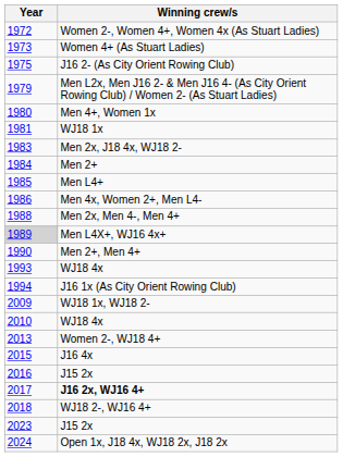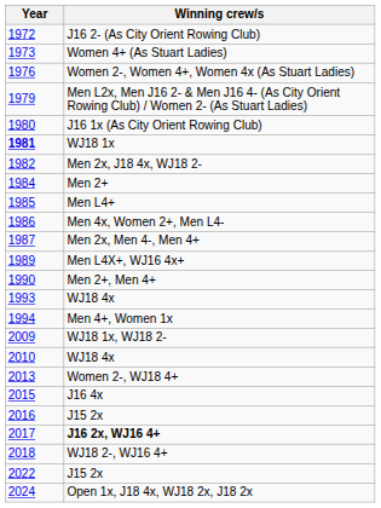 <table class="wikitable">
 <tr>
 <th width=70>Year</th>
 <th width=400>Winning crew/s</th>
 </tr>
 <tr>
 <td><a href='#'>1972</a></td>
-<td>Women 2-, Women 4+, Women 4x (As Stuart Ladies)</td>
+<td>J16 2-  (As City Orient Rowing Club)</td>
 </tr>
 <tr>
 <td><a href='#'>1973</a></td>
 <td>Women 4+  (As Stuart Ladies)</td>
 </tr>
 <tr>
-<td><a href='#'>1975</a></td>
-<td>J16 2-  (As City Orient Rowing Club)</td>
+<td><a href='#'>1976</a></td>
+<td>Women 2-, Women 4+, Women 4x (As Stuart Ladies)</td>
 </tr>
 <tr>
 <td><a href='#'>1979</a></td>
 <td>Men L2x, Men J16 2- & Men J16 4- (As City Orient Rowing Club) / Women 2- (As Stuart Ladies)</td>
 </tr>
 <tr>
 <td><a href='#'>1980</a></td>
-<td>Men 4+, Women 1x</td>
+<td>J16 1x (As City Orient Rowing Club)</td>
 </tr>
 <tr>
-<td><a href='#'>1981</a></td>
+<td><strong><a href='#'>1981</a></strong></td>
 <td>WJ18 1x </td>
 </tr>
 <tr>
-<td><a href='#'>1983</a></td>
+<td><a href='#'>1982</a></td>
 <td>Men 2x, J18 4x, WJ18 2-</td>
 </tr>
 <tr>
 <td><a href='#'>1984</a></td>
 <td>Men 2+</td>
 </tr>
 <tr>
 <td><a href='#'>1985</a></td>
 <td>Men L4+</td>
 </tr>
 <tr>
 <td><a href='#'>1986</a></td>
 <td>Men 4x, Women 2+, Men L4-</td>
 </tr>
 <tr>
-<td><a href='#'>1988</a></td>
+<td><a href='#'>1987</a></td>
 <td>Men 2x, Men 4-, Men 4+</td>
 </tr>
 <tr>
-<td style="background: lightgrey;"><a href='#'>1989</a></td>
+<td><a href='#'>1989</a></td>
 <td>Men L4X+, WJ16 4x+</td>
 </tr>
 <tr>
 <td><a href='#'>1990</a></td>
 <td>Men 2+, Men 4+</td>
 </tr>
 <tr>
 <td><a href='#'>1993</a></td>
 <td>WJ18 4x </td>
 </tr>
 <tr>
 <td><a href='#'>1994</a></td>
-<td>J16 1x (As City Orient Rowing Club)</td>
+<td>Men 4+, Women 1x</td>
 </tr>
 <tr>
 <td><a href='#'>2009</a></td>
 <td>WJ18 1x, WJ18 2-</td>
 </tr>
 <tr>
 <td><a href='#'>2010</a></td>
 <td>WJ18 4x </td>
 </tr>
 <tr>
 <td><a href='#'>2013</a></td>
 <td>Women 2-, WJ18 4+</td>
 </tr>
 <tr>
 <td><a href='#'>2015</a></td>
 <td>J16 4x </td>
 </tr>
 <tr>
 <td><a href='#'>2016</a></td>
 <td>J15 2x </td>
 </tr>
 <tr>
 <td><a href='#'>2017</a></td>
 <td><strong>J16 2x, WJ16 4+ </strong></td>
 </tr>
 <tr>
 <td><a href='#'>2018</a></td>
 <td>WJ18 2-, WJ16 4+ </td>
 </tr>
 <tr>
-<td><a href='#'>2023</a></td>
+<td><a href='#'>2022</a></td>
 <td>J15 2x</td>
 </tr>
 <tr>
 <td><a href='#'>2024</a></td>
 <td>Open 1x, J18 4x, WJ18 2x, J18 2x </td>
 </tr>
 </table>
